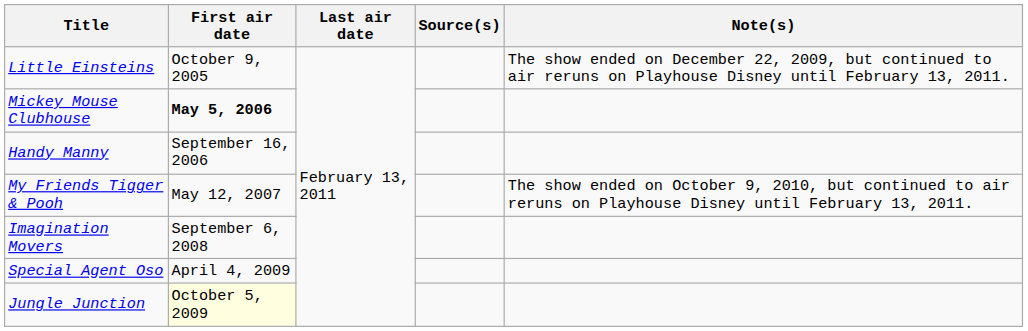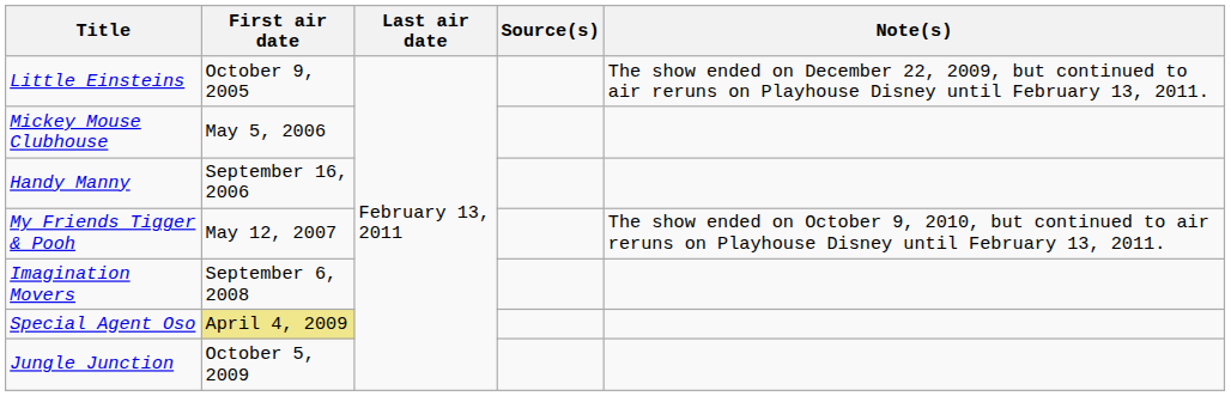 <table class="wikitable sortable">
 <tr>
 <th>Title</th>
 <th>First air date</th>
 <th>Last air date</th>
 <th>Source(s)</th>
 <th>Note(s)</th>
 </tr>
 <tr>
 <td><em><a href='#'>Little Einsteins</a></em></td>
 <td>October 9, 2005</td>
 <td rowspan="7">February 13, 2011</td>
 <td></td>
 <td>The show ended on December 22, 2009, but continued to air reruns on Playhouse Disney until February 13, 2011.</td>
 </tr>
 <tr>
 <td><em><a href='#'>Mickey Mouse Clubhouse</a></em></td>
-<td><strong>May 5, 2006</strong></td>
+<td>May 5, 2006</td>
 <td></td>
 <td></td>
 </tr>
 <tr>
 <td><em><a href='#'>Handy Manny</a></em></td>
 <td>September 16, 2006</td>
 <td></td>
 <td></td>
 </tr>
 <tr>
 <td><em><a href='#'>My Friends Tigger & Pooh</a></em></td>
 <td>May 12, 2007</td>
 <td></td>
 <td>The show ended on October 9, 2010, but continued to air reruns on Playhouse Disney until February 13, 2011.</td>
 </tr>
 <tr>
 <td><em><a href='#'>Imagination Movers</a></em></td>
 <td>September 6, 2008</td>
 <td></td>
 <td></td>
 </tr>
 <tr>
 <td><em><a href='#'>Special Agent Oso</a></em></td>
-<td>April 4, 2009</td>
+<td style="background: khaki;">April 4, 2009</td>
 <td></td>
 <td></td>
 </tr>
 <tr>
 <td><em><a href='#'>Jungle Junction</a></em></td>
-<td style="background: lightyellow;">October 5, 2009</td>
+<td>October 5, 2009</td>
 <td></td>
 <td></td>
 </tr>
 </table>
